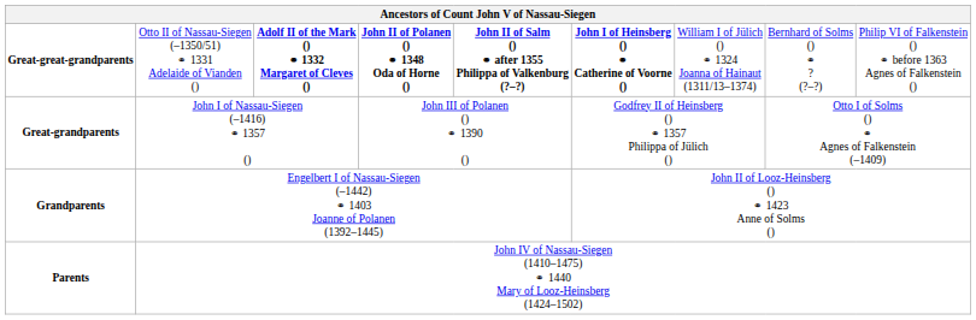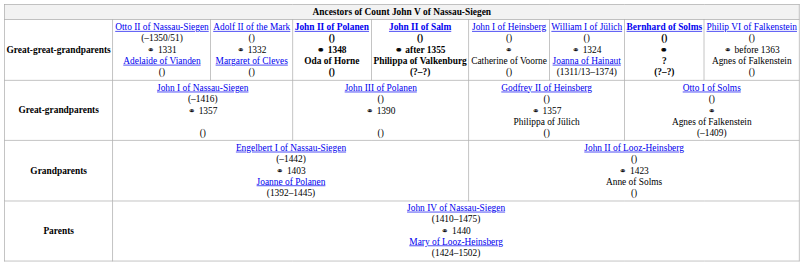 <table class="wikitable" style="background:#FFFFFF; font-size:85%; text-align:center">
 <tr bgcolor="#E0E0E0">
 <th colspan="9">Ancestors of Count John V of Nassau-Siegen</th>
 </tr>
 <tr>
 <td><strong>Great-great-grandparents</strong></td>
 <td colspan="1"><a href='#'>Otto II of Nassau-Siegen</a><br>(–1350/51)<br>⚭ 1331<br><a href='#'>Adelaide of Vianden</a><br>()</td>
-<td colspan="1"><strong><a href='#'>Adolf II of the Mark</a><br>()<br>⚭ 1332<br><a href='#'>Margaret of Cleves</a><br>()</strong></td>
+<td colspan="1"><a href='#'>Adolf II of the Mark</a><br>()<br>⚭ 1332<br><a href='#'>Margaret of Cleves</a><br>()</td>
 <td colspan="1"><strong><a href='#'>John II of Polanen</a><br>()<br>⚭ 1348<br>Oda of Horne<br>()</strong></td>
 <td colspan="1"><strong><a href='#'>John II of Salm</a><br>()<br>⚭ after 1355<br>Philippa of Valkenburg<br>(?–?)</strong></td>
-<td colspan="1"><strong><a href='#'>John I of Heinsberg</a><br>()<br>⚭ <br>Catherine of Voorne<br>()</strong></td>
+<td colspan="1"><a href='#'>John I of Heinsberg</a><br>()<br>⚭ <br>Catherine of Voorne<br>()</td>
 <td colspan="1"><a href='#'>William I of Jülich</a><br>()<br>⚭ 1324<br><a href='#'>Joanna of Hainaut</a><br>(1311/13–1374)</td>
-<td colspan="1"><a href='#'>Bernhard of Solms</a><br>()<br>⚭<br>?<br>(?–?)</td>
+<td colspan="1"><strong><a href='#'>Bernhard of Solms</a><br>()<br>⚭<br>?<br>(?–?)</strong></td>
 <td colspan="1"><a href='#'>Philip VI of Falkenstein</a><br>()<br>⚭ before 1363<br>Agnes of Falkenstein<br>()</td>
 </tr>
 <tr>
 <td><strong>Great-grandparents</strong></td>
 <td colspan="2"><a href='#'>John I of Nassau-Siegen</a><br>(–1416)<br>⚭ 1357<br><br>()</td>
 <td colspan="2"><a href='#'>John III of Polanen</a><br>()<br>⚭ 1390<br><br>()</td>
 <td colspan="2"><a href='#'>Godfrey II of Heinsberg</a><br>()<br>⚭ 1357<br>Philippa of Jülich<br>()</td>
 <td colspan="2"><a href='#'>Otto I of Solms</a><br>()<br>⚭<br>Agnes of Falkenstein<br>(–1409)</td>
 </tr>
 <tr>
 <td><strong>Grandparents</strong></td>
 <td colspan="4"><a href='#'>Engelbert I of Nassau-Siegen</a><br>(–1442)<br>⚭ 1403<br><a href='#'>Joanne of Polanen</a><br>(1392–1445)</td>
 <td colspan="4"><a href='#'>John II of Looz-Heinsberg</a><br>()<br>⚭ 1423<br>Anne of Solms<br>()</td>
 </tr>
 <tr>
 <td><strong>Parents</strong></td>
 <td colspan="8"><a href='#'>John IV of Nassau-Siegen</a><br>(1410–1475)<br>⚭ 1440<br><a href='#'>Mary of Looz-Heinsberg</a><br>(1424–1502)</td>
 </tr>
 </table>
